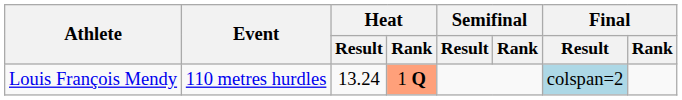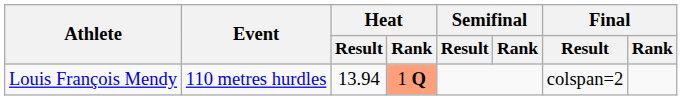 <table class="wikitable" style="font-size:90%">
 <tr>
 <th rowspan="2">Athlete</th>
 <th rowspan="2">Event</th>
 <th colspan="2">Heat</th>
 <th colspan="2">Semifinal</th>
 <th colspan="2">Final</th>
 </tr>
 <tr style="font-size:95%">
 <th>Result</th>
 <th>Rank</th>
 <th>Result</th>
 <th>Rank</th>
 <th>Result</th>
 <th>Rank</th>
 </tr>
 <tr align=center>
 <td align=left><a href='#'>Louis François Mendy</a></td>
 <td align=left><a href='#'>110 metres hurdles</a></td>
-<td>13.24</td>
+<td>13.94</td>
 <td style="background: lightsalmon;">1 <strong>Q</strong></td>
 <td colspan=2></td>
-<td style="background: lightblue;">colspan=2 </td>
+<td>colspan=2 </td>
 </tr>
 </table>
